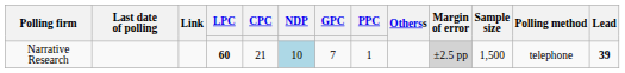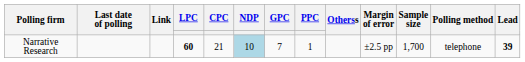 <table class="wikitable sortable mw-datatable" style="text-align:center;font-size:90%;line-height:14px;">
 <tr style="height:40px;">
 <th style="width:105px;" rowspan="2">Polling firm</th>
 <th style="width:105px;" rowspan="2">Last date<br>of polling</th>
 <th rowspan="2">Link</th>
 <th class="unsortable" style="width:40px;"><a href='#'>LPC</a></th>
 <th class="unsortable" style="width:40px;"><a href='#'>CPC</a></th>
 <th class="unsortable" style="width:40px;"><a href='#'>NDP</a></th>
 <th class="unsortable" style="width:40px;"><a href='#'>GPC</a></th>
 <th class="unsortable" style="width:40px;"><a href='#'>PPC</a></th>
 <th rowspan="2" style="width:40px"><a href='#'>Others</a>s</th>
 <th rowspan="2">Margin<br>of error</th>
 <th rowspan="2">Sample<br>size</th>
 <th rowspan="2">Polling method</th>
 <th rowspan="2">Lead</th>
 </tr>
 <tr>
 <th style="background:"></th>
 <th style="background:"></th>
 <th style="background:"></th>
 <th style="background:"></th>
 <th style="background:"></th>
 </tr>
 <tr>
 <td>Narrative Research</td>
 <td></td>
 <td></td>
 <td><strong>60</strong></td>
 <td>21</td>
 <td style="background: lightblue;">10</td>
 <td>7</td>
 <td>1</td>
 <td></td>
-<td style="background: lightgrey;">±2.5 pp</td>
-<td>1,500</td>
+<td>±2.5 pp</td>
+<td>1,700</td>
 <td>telephone</td>
 <td><strong>39</strong></td>
 </tr>
 </table>
